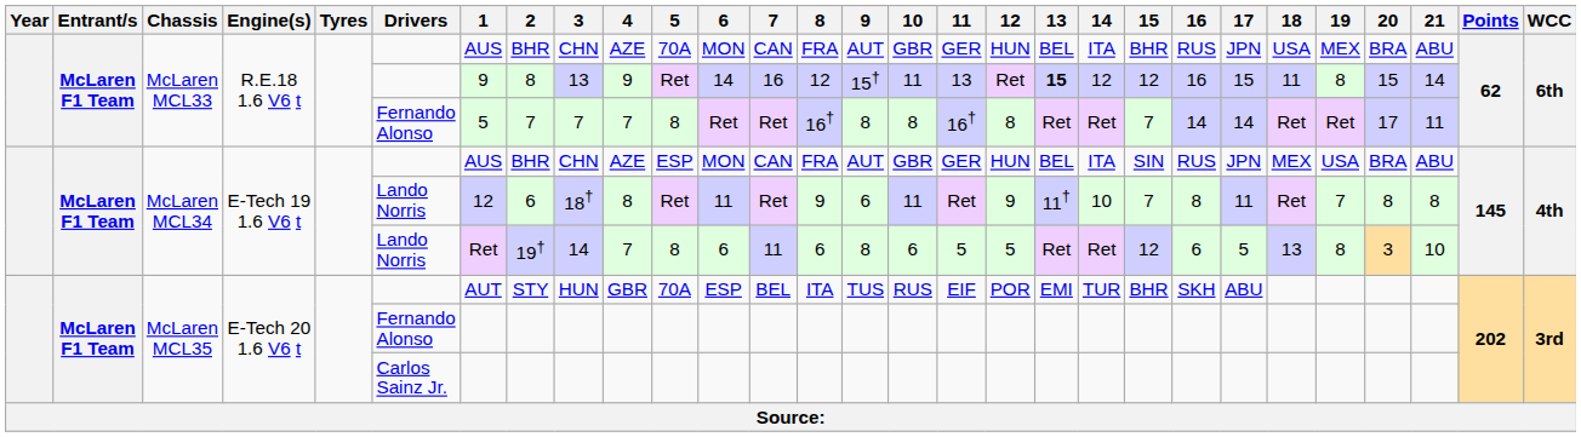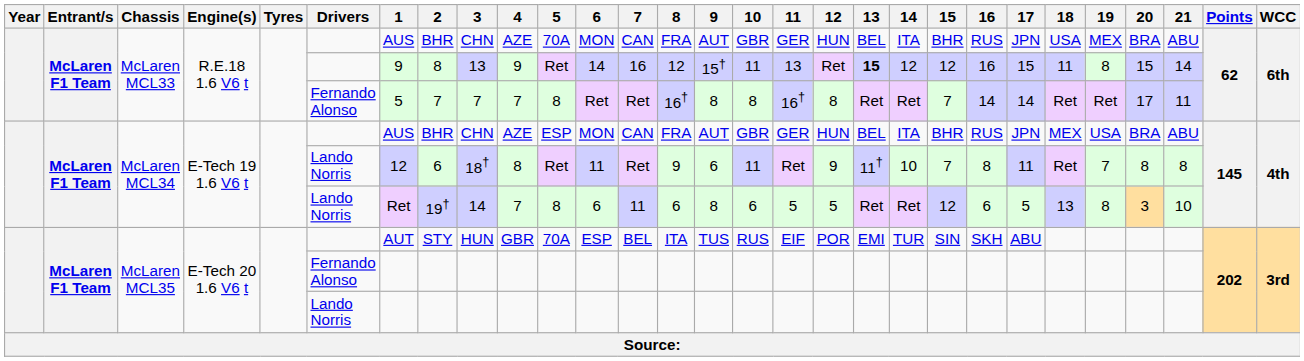 <table class="wikitable" style="text-align:center; font-size:85%">
 <tr>
 <th>Year</th>
 <th>Entrant/s</th>
 <th>Chassis</th>
 <th>Engine(s)</th>
 <th>Tyres</th>
 <th>Drivers</th>
 <th>1</th>
 <th>2</th>
 <th>3</th>
 <th>4</th>
 <th>5</th>
 <th>6</th>
 <th>7</th>
 <th>8</th>
 <th>9</th>
 <th>10</th>
 <th>11</th>
 <th>12</th>
 <th>13</th>
 <th>14</th>
 <th>15</th>
 <th>16</th>
 <th>17</th>
 <th>18</th>
 <th>19</th>
 <th>20</th>
 <th>21</th>
 <th><a href='#'>Points</a></th>
 <th>WCC</th>
 </tr>
 <tr>
 <th rowspan="3"></th>
 <th rowspan="3"><a href='#'>McLaren F1 Team</a></th>
 <td rowspan="3"><a href='#'>McLaren MCL33</a></td>
 <td rowspan="3">R.E.18 1.6 <a href='#'>V6</a> <a href='#'>t</a></td>
 <td rowspan="3"></td>
 <td></td>
 <td><a href='#'>AUS</a></td>
 <td><a href='#'>BHR</a></td>
 <td><a href='#'>CHN</a></td>
 <td><a href='#'>AZE</a></td>
 <td><a href='#'>70A</a></td>
 <td><a href='#'>MON</a></td>
 <td><a href='#'>CAN</a></td>
 <td><a href='#'>FRA</a></td>
 <td><a href='#'>AUT</a></td>
 <td><a href='#'>GBR</a></td>
 <td><a href='#'>GER</a></td>
 <td><a href='#'>HUN</a></td>
 <td><a href='#'>BEL</a></td>
 <td><a href='#'>ITA</a></td>
 <td><a href='#'>BHR</a></td>
 <td><a href='#'>RUS</a></td>
 <td><a href='#'>JPN</a></td>
 <td><a href='#'>USA</a></td>
 <td><a href='#'>MEX</a></td>
 <td><a href='#'>BRA</a></td>
 <td><a href='#'>ABU</a></td>
 <th rowspan="3">62</th>
 <th rowspan="3">6th</th>
 </tr>
 <tr>
 <td align="left"></td>
 <td style="background:#DFFFDF">9</td>
 <td style="background:#DFFFDF">8</td>
 <td style="background:#CFCFFF">13</td>
 <td style="background:#DFFFDF">9</td>
 <td style="background:#EFCFFF">Ret</td>
 <td style="background:#CFCFFF">14</td>
 <td style="background:#CFCFFF">16</td>
 <td style="background:#CFCFFF">12</td>
 <td style="background:#CFCFFF">15<sup>†</sup></td>
 <td style="background:#CFCFFF">11</td>
 <td style="background:#CFCFFF">13</td>
 <td style="background:#EFCFFF">Ret</td>
 <td style="background:#CFCFFF"><strong>15</strong></td>
 <td style="background:#CFCFFF">12</td>
 <td style="background:#CFCFFF">12</td>
 <td style="background:#CFCFFF">16</td>
 <td style="background:#CFCFFF">15</td>
 <td style="background:#CFCFFF">11</td>
 <td style="background:#DFFFDF">8</td>
 <td style="background:#CFCFFF">15</td>
 <td style="background:#CFCFFF">14</td>
 </tr>
 <tr>
 <td align="left"> <a href='#'>Fernando Alonso</a></td>
 <td style="background:#DFFFDF">5</td>
 <td style="background:#DFFFDF">7</td>
 <td style="background:#DFFFDF">7</td>
 <td style="background:#DFFFDF">7</td>
 <td style="background:#DFFFDF">8</td>
 <td style="background:#EFCFFF">Ret</td>
 <td style="background:#EFCFFF">Ret</td>
 <td style="background:#CFCFFF">16<sup>†</sup></td>
 <td style="background:#DFFFDF">8</td>
 <td style="background:#DFFFDF">8</td>
 <td style="background:#CFCFFF">16<sup>†</sup></td>
 <td style="background:#DFFFDF">8</td>
 <td style="background:#EFCFFF">Ret</td>
 <td style="background:#EFCFFF">Ret</td>
 <td style="background:#DFFFDF">7</td>
 <td style="background:#CFCFFF">14</td>
 <td style="background:#CFCFFF">14</td>
 <td style="background:#EFCFFF">Ret</td>
 <td style="background:#EFCFFF">Ret</td>
 <td style="background:#CFCFFF">17</td>
 <td style="background:#CFCFFF">11</td>
 </tr>
 <tr>
 <th rowspan="3"></th>
 <th rowspan="3"><a href='#'>McLaren F1 Team</a></th>
 <td rowspan="3"><a href='#'>McLaren MCL34</a></td>
 <td rowspan="3">E-Tech 19 1.6 <a href='#'>V6</a> <a href='#'>t</a></td>
 <td rowspan="3"></td>
 <td></td>
 <td><a href='#'>AUS</a></td>
 <td><a href='#'>BHR</a></td>
 <td><a href='#'>CHN</a></td>
 <td><a href='#'>AZE</a></td>
 <td><a href='#'>ESP</a></td>
 <td><a href='#'>MON</a></td>
 <td><a href='#'>CAN</a></td>
 <td><a href='#'>FRA</a></td>
 <td><a href='#'>AUT</a></td>
 <td><a href='#'>GBR</a></td>
 <td><a href='#'>GER</a></td>
 <td><a href='#'>HUN</a></td>
 <td><a href='#'>BEL</a></td>
 <td><a href='#'>ITA</a></td>
-<td><a href='#'>SIN</a></td>
+<td><a href='#'>BHR</a></td>
 <td><a href='#'>RUS</a></td>
 <td><a href='#'>JPN</a></td>
 <td><a href='#'>MEX</a></td>
 <td><a href='#'>USA</a></td>
 <td><a href='#'>BRA</a></td>
 <td><a href='#'>ABU</a></td>
 <th rowspan="3">145</th>
 <th rowspan="3">4th</th>
 </tr>
 <tr>
 <td align="left"> <a href='#'>Lando Norris</a></td>
 <td style="background:#CFCFFF">12</td>
 <td style="background:#DFFFDF">6</td>
 <td style="background:#CFCFFF">18<sup>†</sup></td>
 <td style="background:#DFFFDF">8</td>
 <td style="background:#EFCFFF">Ret</td>
 <td style="background:#CFCFFF">11</td>
 <td style="background:#EFCFFF">Ret</td>
 <td style="background:#DFFFDF">9</td>
 <td style="background:#DFFFDF">6</td>
 <td style="background:#CFCFFF">11</td>
 <td style="background:#EFCFFF">Ret</td>
 <td style="background:#DFFFDF">9</td>
 <td style="background:#CFCFFF">11<sup>†</sup></td>
 <td style="background:#DFFFDF">10</td>
 <td style="background:#DFFFDF">7</td>
 <td style="background:#DFFFDF">8</td>
 <td style="background:#CFCFFF">11</td>
 <td style="background:#EFCFFF">Ret</td>
 <td style="background:#DFFFDF">7</td>
 <td style="background:#DFFFDF">8</td>
 <td style="background:#DFFFDF">8</td>
 </tr>
 <tr>
 <td align="left"> <a href='#'>Lando Norris</a></td>
 <td style="background:#EFCFFF">Ret</td>
 <td style="background:#CFCFFF">19<sup>†</sup></td>
 <td style="background:#CFCFFF">14</td>
 <td style="background:#DFFFDF">7</td>
 <td style="background:#DFFFDF">8</td>
 <td style="background:#DFFFDF">6</td>
 <td style="background:#CFCFFF">11</td>
 <td style="background:#DFFFDF">6</td>
 <td style="background:#DFFFDF">8</td>
 <td style="background:#DFFFDF">6</td>
 <td style="background:#DFFFDF">5</td>
 <td style="background:#DFFFDF">5</td>
 <td style="background:#EFCFFF">Ret</td>
 <td style="background:#EFCFFF">Ret</td>
 <td style="background:#CFCFFF">12</td>
 <td style="background:#DFFFDF">6</td>
 <td style="background:#DFFFDF">5</td>
 <td style="background:#CFCFFF">13</td>
 <td style="background:#DFFFDF">8</td>
 <td style="background:#ffdf9f">3</td>
 <td style="background:#DFFFDF">10</td>
 </tr>
 <tr>
 <th rowspan="3"></th>
 <th rowspan="3"><a href='#'>McLaren F1 Team</a></th>
 <td rowspan="3"><a href='#'>McLaren MCL35</a></td>
 <td rowspan="3">E-Tech 20 1.6 <a href='#'>V6</a> <a href='#'>t</a></td>
 <td rowspan="3"></td>
 <td></td>
 <td><a href='#'>AUT</a></td>
 <td><a href='#'>STY</a></td>
 <td><a href='#'>HUN</a></td>
 <td><a href='#'>GBR</a></td>
 <td><a href='#'>70A</a></td>
 <td><a href='#'>ESP</a></td>
 <td><a href='#'>BEL</a></td>
 <td><a href='#'>ITA</a></td>
 <td><a href='#'>TUS</a></td>
 <td><a href='#'>RUS</a></td>
 <td><a href='#'>EIF</a></td>
 <td><a href='#'>POR</a></td>
 <td><a href='#'>EMI</a></td>
 <td><a href='#'>TUR</a></td>
-<td><a href='#'>BHR</a></td>
+<td><a href='#'>SIN</a></td>
 <td><a href='#'>SKH</a></td>
 <td><a href='#'>ABU</a></td>
 <td></td>
 <td></td>
 <td></td>
 <td></td>
 <th rowspan="3" style="background:#FFDF9F;">202</th>
 <th rowspan="3" style="background:#FFDF9F;">3rd</th>
 </tr>
 <tr>
 <td align="left"> <a href='#'>Fernando Alonso</a></td>
 <td></td>
 <td></td>
 <td></td>
 <td></td>
 <td></td>
 <td></td>
 <td></td>
 <td></td>
 <td></td>
 <td></td>
 <td></td>
 <td></td>
 <td></td>
 <td></td>
 <td></td>
 <td></td>
 <td></td>
 <td></td>
 <td></td>
 <td></td>
 <td></td>
 </tr>
 <tr>
-<td align="left"> <a href='#'>Carlos Sainz Jr.</a></td>
+<td align="left"> <a href='#'>Lando Norris</a></td>
 <td></td>
 <td></td>
 <td></td>
 <td></td>
 <td></td>
 <td></td>
 <td></td>
 <td></td>
 <td></td>
 <td></td>
 <td></td>
 <td></td>
 <td></td>
 <td></td>
 <td></td>
 <td></td>
 <td></td>
 <td></td>
 <td></td>
 <td></td>
 <td></td>
 </tr>
 <tr>
 <th colspan="31">Source:</th>
 </tr>
 </table>
